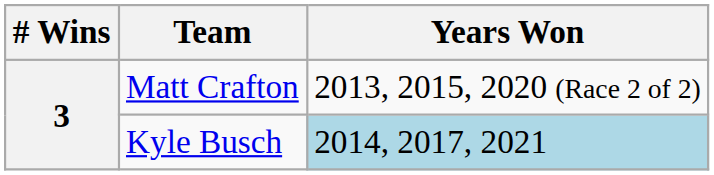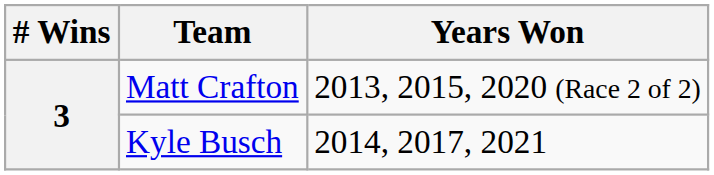 <table class="wikitable" style="font-size: 95%;">
 <tr>
 <th># Wins</th>
 <th>Team</th>
 <th>Years Won</th>
 </tr>
 <tr>
 <th rowspan=2>3</th>
 <td><a href='#'>Matt Crafton</a></td>
 <td>2013, 2015, 2020 <small>(Race 2 of 2)</small></td>
 </tr>
 <tr>
 <td><a href='#'>Kyle Busch</a></td>
-<td style="background: lightblue;">2014, 2017, 2021</td>
+<td>2014, 2017, 2021</td>
 </tr>
 </table>
